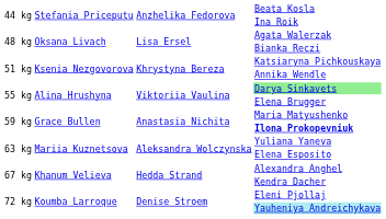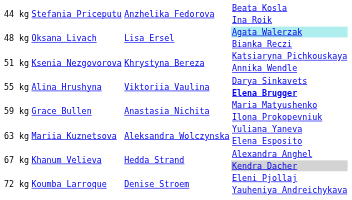 <table>
 <tr>
 <td rowspan=2>44 kg</td>
 <td rowspan=2> <a href='#'>Stefania Priceputu</a></td>
 <td rowspan=2> <a href='#'>Anzhelika Fedorova</a></td>
 <td> <a href='#'>Beata Kosla</a></td>
 </tr>
 <tr>
 <td> <a href='#'>Ina Roik</a></td>
 </tr>
 <tr>
 <td rowspan=2>48 kg</td>
 <td rowspan=2> <a href='#'>Oksana Livach</a></td>
 <td rowspan=2> <a href='#'>Lisa Ersel</a></td>
-<td> <a href='#'>Agata Walerzak</a></td>
+<td style="background: paleturquoise;"> <a href='#'>Agata Walerzak</a></td>
 </tr>
 <tr>
 <td> <a href='#'>Bianka Reczi</a></td>
 </tr>
 <tr>
 <td rowspan=2>51 kg</td>
 <td rowspan=2> <a href='#'>Ksenia Nezgovorova</a></td>
 <td rowspan=2> <a href='#'>Khrystyna Bereza</a></td>
 <td> <a href='#'>Katsiaryna Pichkouskaya</a></td>
 </tr>
 <tr>
 <td> <a href='#'>Annika Wendle</a></td>
 </tr>
 <tr>
 <td rowspan=2>55 kg</td>
 <td rowspan=2> <a href='#'>Alina Hrushyna</a></td>
 <td rowspan=2> <a href='#'>Viktoriia Vaulina</a></td>
-<td style="background: lightgreen;"> <a href='#'>Darya Sinkavets</a></td>
+<td> <a href='#'>Darya Sinkavets</a></td>
 </tr>
 <tr>
-<td> <a href='#'>Elena Brugger</a></td>
+<td><strong> <a href='#'>Elena Brugger</a></strong></td>
 </tr>
 <tr>
 <td rowspan=2>59 kg</td>
 <td rowspan=2> <a href='#'>Grace Bullen</a></td>
 <td rowspan=2> <a href='#'>Anastasia Nichita</a></td>
 <td> <a href='#'>Maria Matyushenko</a></td>
 </tr>
 <tr>
-<td><strong> <a href='#'>Ilona Prokopevniuk</a></strong></td>
+<td> <a href='#'>Ilona Prokopevniuk</a></td>
 </tr>
 <tr>
 <td rowspan=2>63 kg</td>
 <td rowspan=2> <a href='#'>Mariia Kuznetsova</a></td>
 <td rowspan=2> <a href='#'>Aleksandra Wolczynska</a></td>
 <td> <a href='#'>Yuliana Yaneva</a></td>
 </tr>
 <tr>
 <td> <a href='#'>Elena Esposito</a></td>
 </tr>
 <tr>
 <td rowspan=2>67 kg</td>
 <td rowspan=2> <a href='#'>Khanum Velieva</a></td>
 <td rowspan=2> <a href='#'>Hedda Strand</a></td>
 <td> <a href='#'>Alexandra Anghel</a></td>
 </tr>
 <tr>
-<td> <a href='#'>Kendra Dacher</a></td>
+<td style="background: lightgrey;"> <a href='#'>Kendra Dacher</a></td>
 </tr>
 <tr>
 <td rowspan=2>72 kg</td>
 <td rowspan=2> <a href='#'>Koumba Larroque</a></td>
 <td rowspan=2> <a href='#'>Denise Stroem</a></td>
 <td> <a href='#'>Eleni Pjollaj</a></td>
 </tr>
 <tr>
-<td style="background: paleturquoise;"> <a href='#'>Yauheniya Andreichykava</a></td>
+<td> <a href='#'>Yauheniya Andreichykava</a></td>
 </tr>
 </table>
